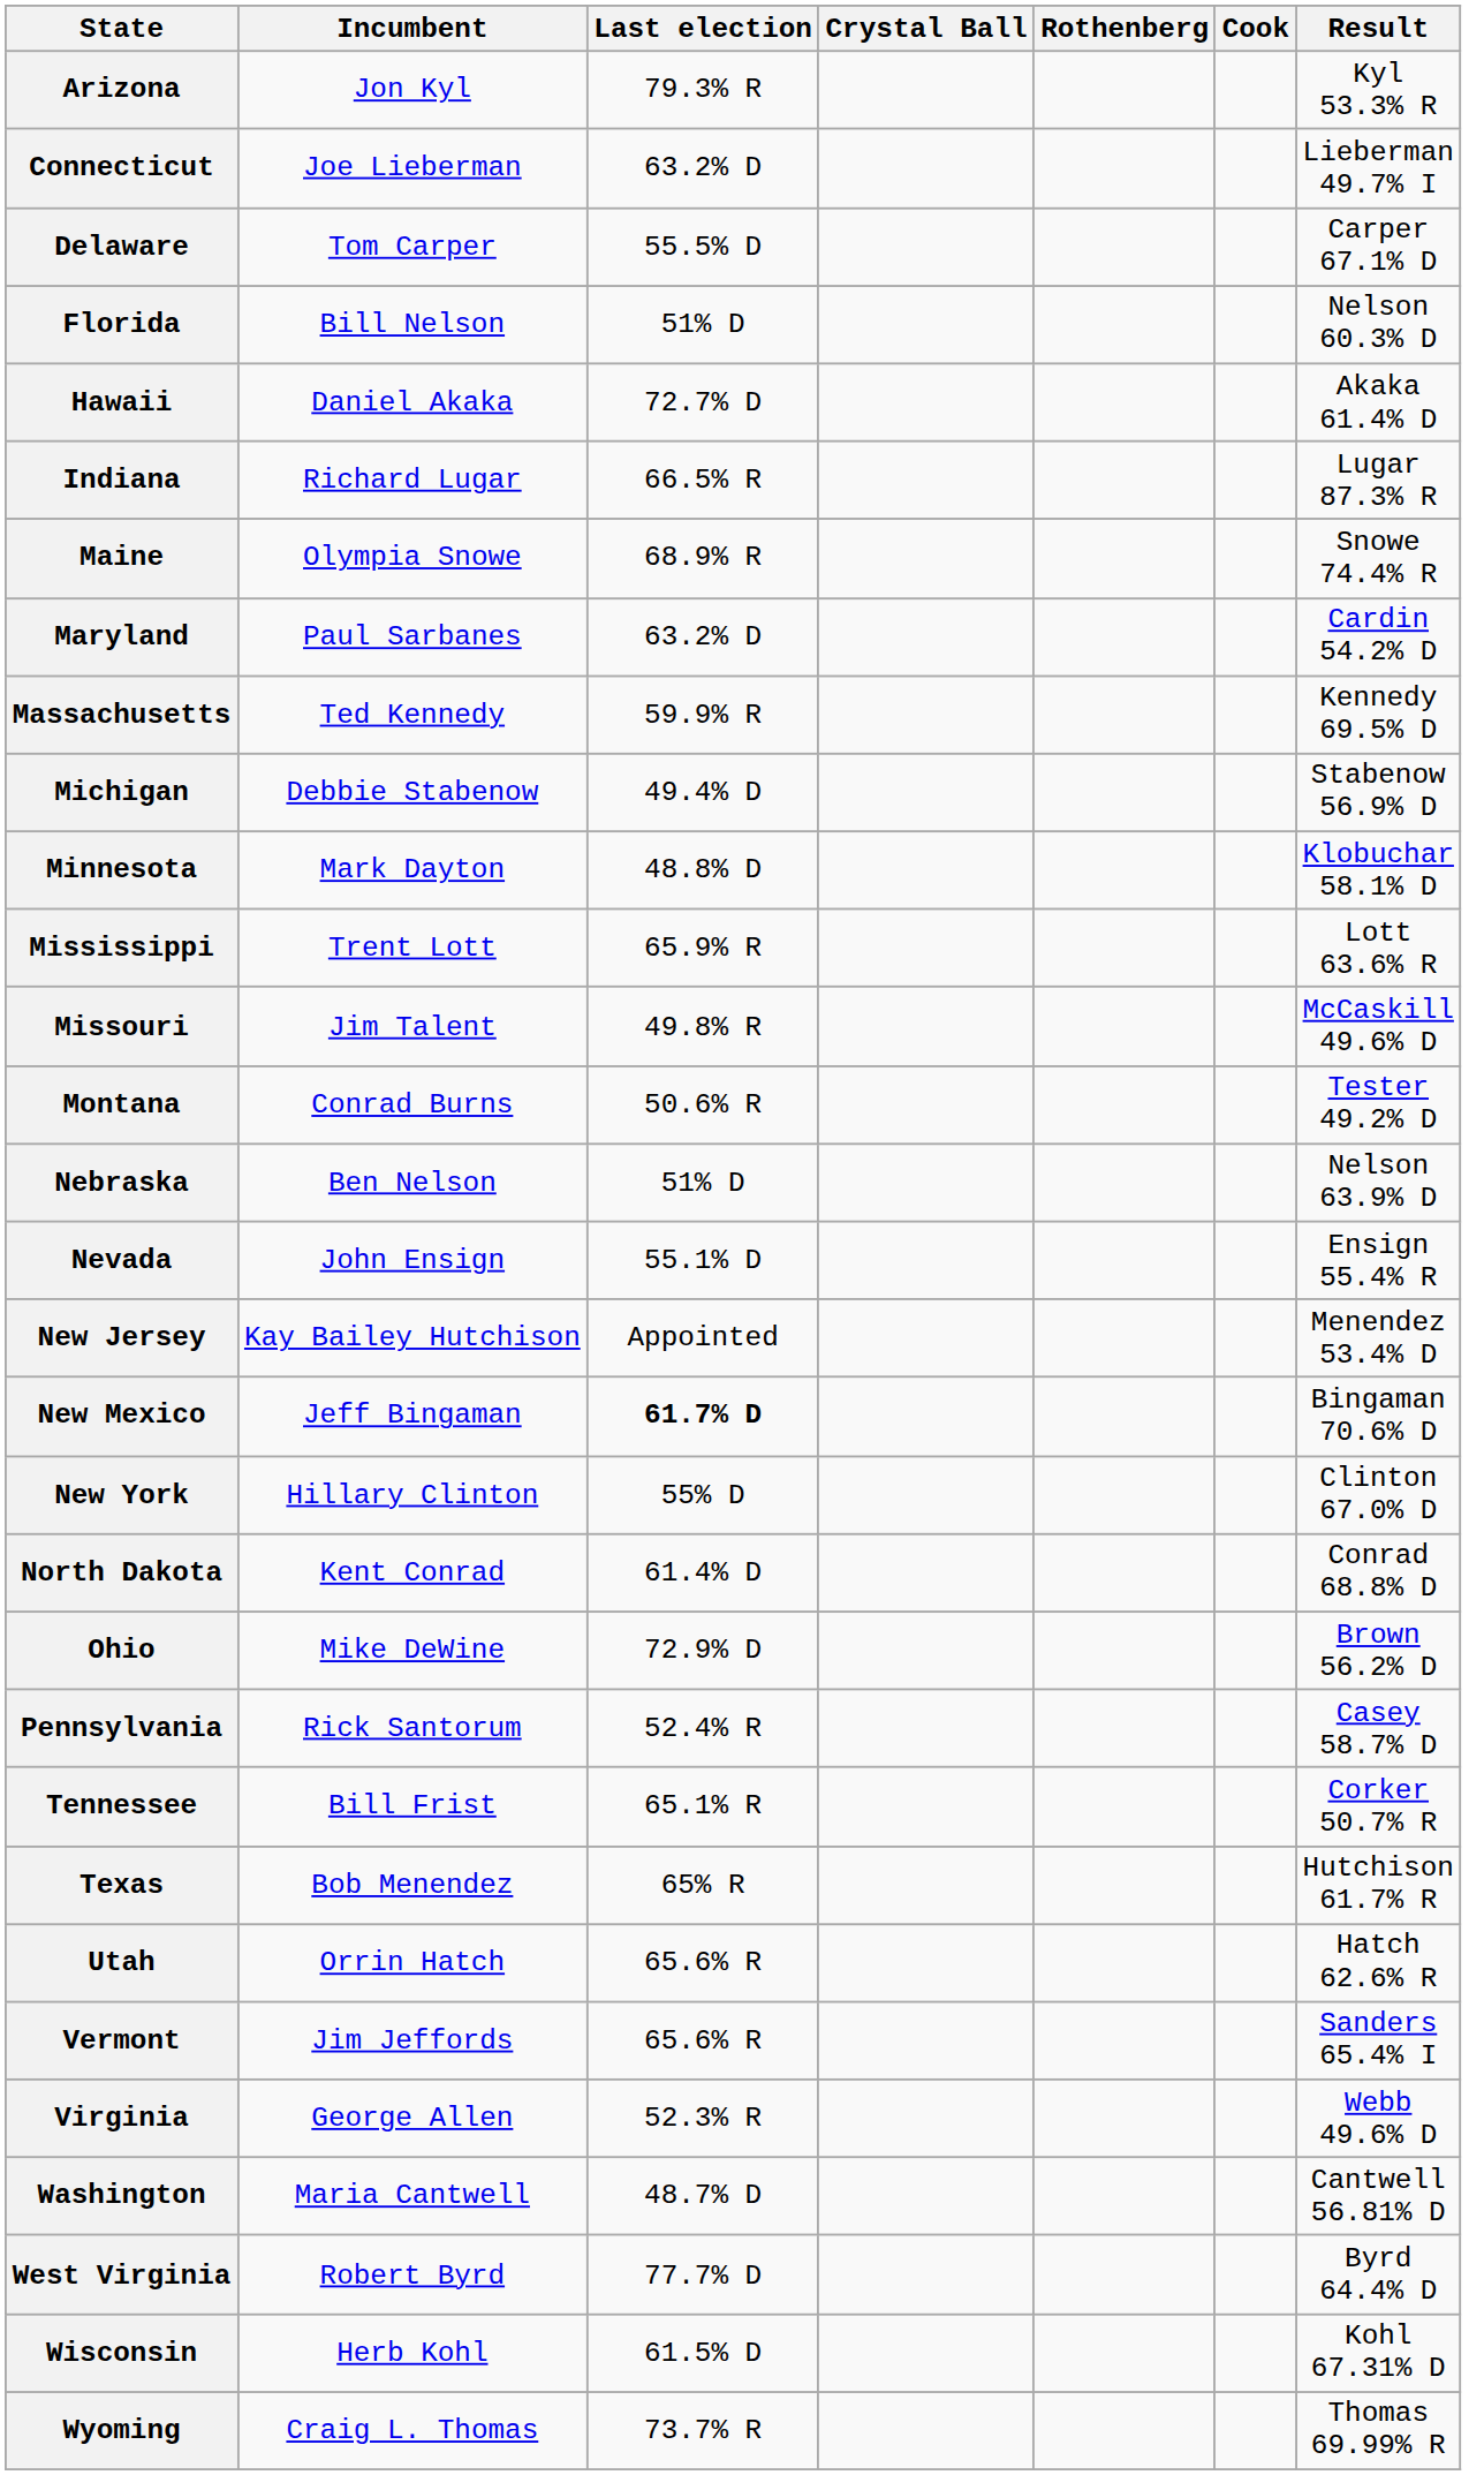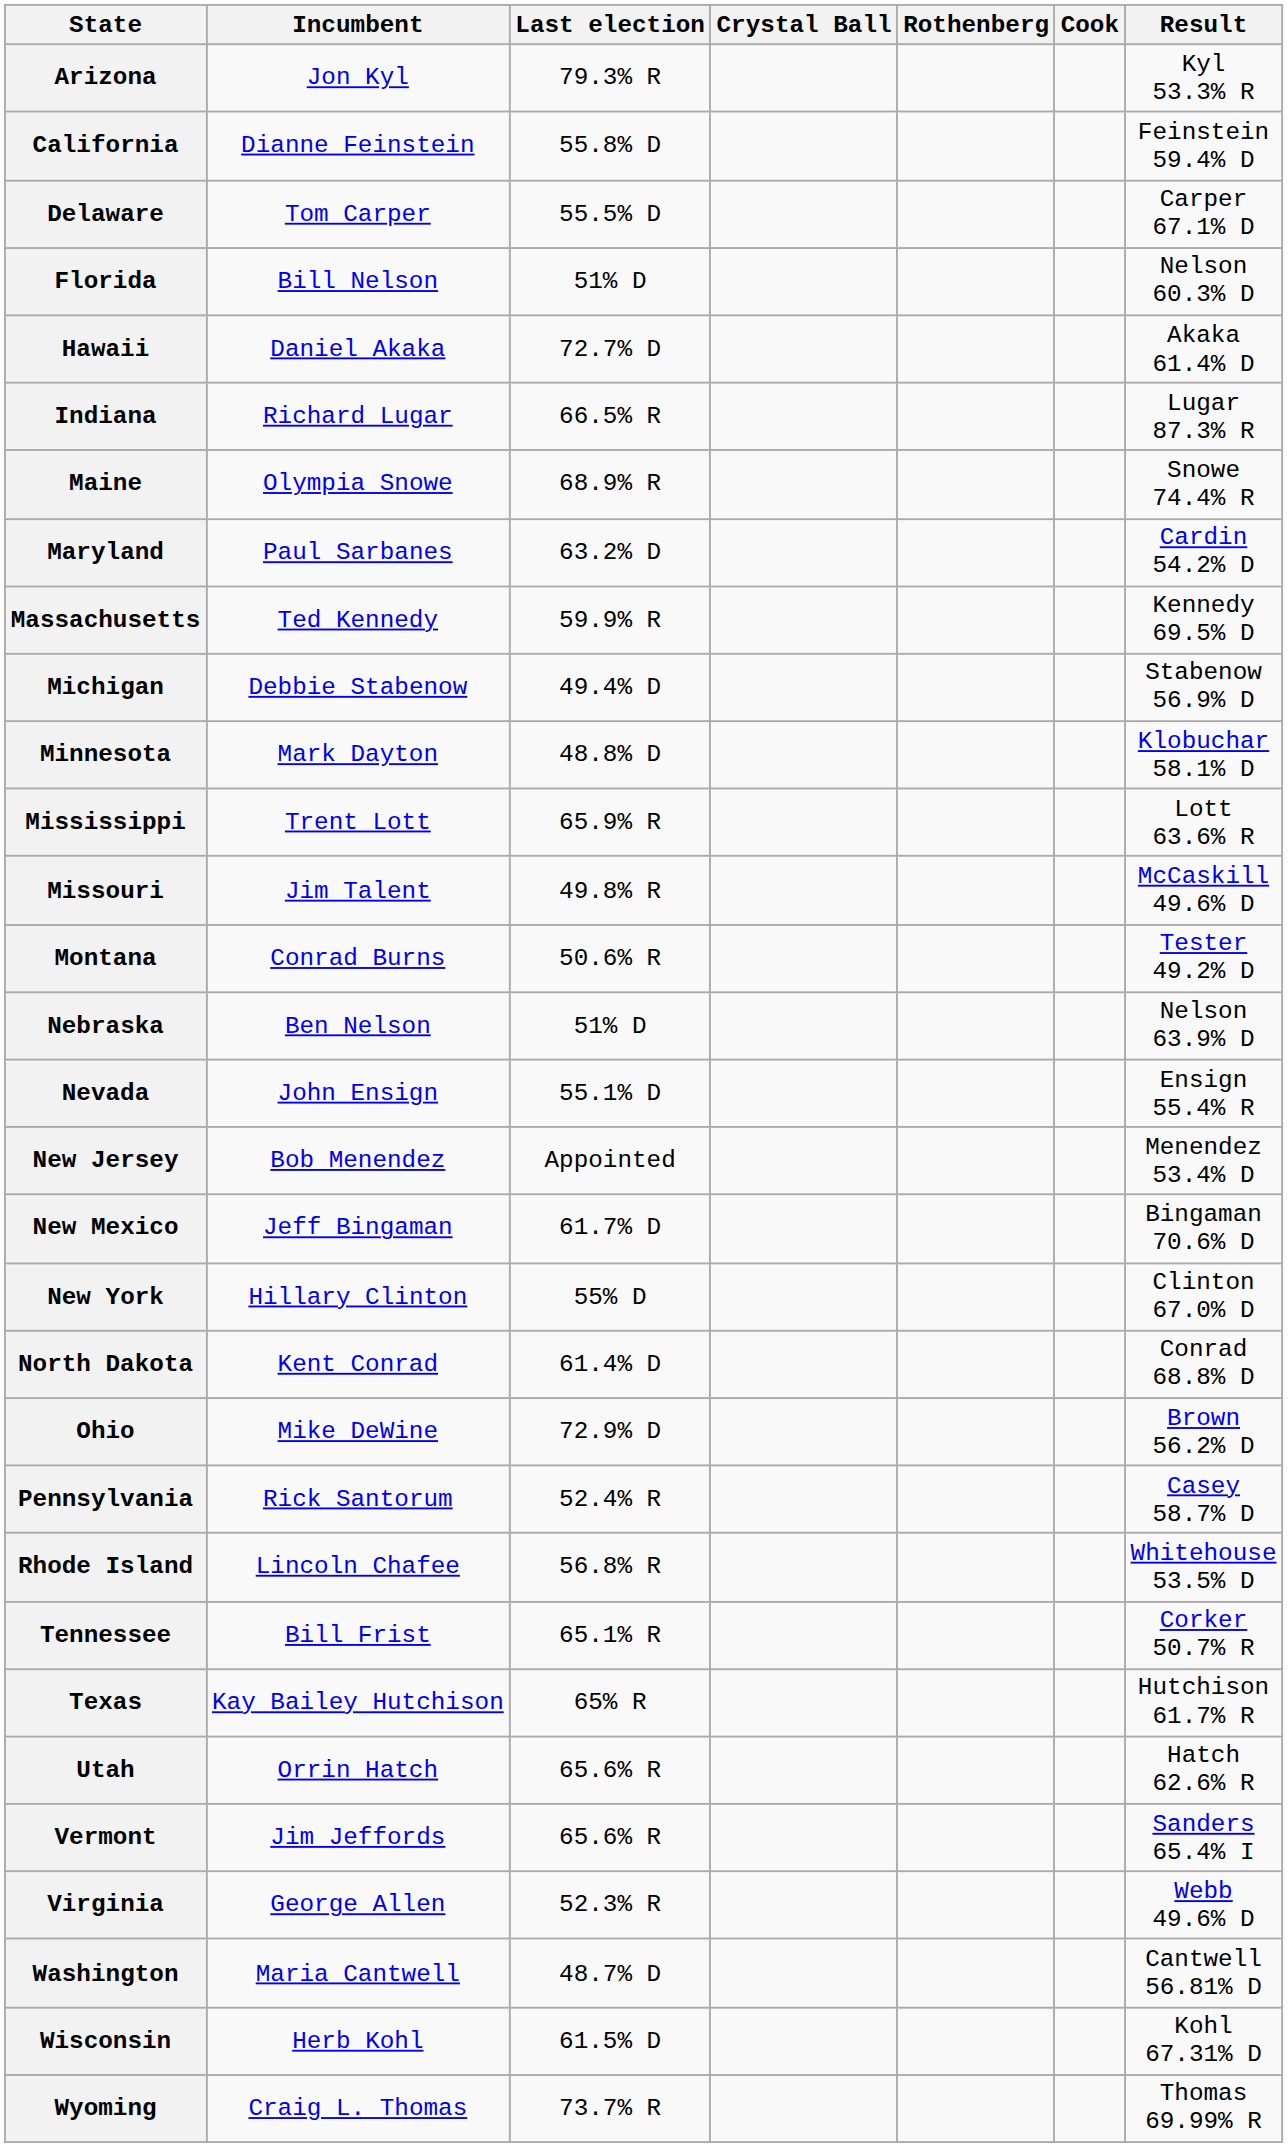 <table class="wikitable sortable" style="text-align:center;">
 <tr>
 <th>State</th>
 <th>Incumbent</th>
 <th>Last election</th>
 <th>Crystal Ball</th>
 <th>Rothenberg</th>
 <th>Cook</th>
 <th>Result</th>
 </tr>
 <tr>
 <th>Arizona</th>
 <td><a href='#'>Jon Kyl</a></td>
 <td>79.3% R</td>
 <td></td>
 <td></td>
 <td></td>
 <td>Kyl<br>53.3% R</td>
 </tr>
 <tr>
-<th>Connecticut</th>
-<td><a href='#'>Joe Lieberman</a><br></td>
-<td>63.2% D</td>
-<td style="background:"></td>
-<td style="background:"></td>
-<td style="background:"></td>
-<td>Lieberman<br>49.7% I </td>
+<th>California</th>
+<td><a href='#'>Dianne Feinstein</a></td>
+<td>55.8% D</td>
+<td></td>
+<td></td>
+<td></td>
+<td>Feinstein<br>59.4% D</td>
 </tr>
 <tr>
 <th>Delaware</th>
 <td><a href='#'>Tom Carper</a></td>
 <td>55.5% D</td>
 <td></td>
 <td></td>
 <td></td>
 <td>Carper<br>67.1% D</td>
 </tr>
 <tr>
 <th>Florida</th>
 <td><a href='#'>Bill Nelson</a></td>
 <td>51% D</td>
 <td></td>
 <td></td>
 <td></td>
 <td>Nelson<br>60.3% D</td>
 </tr>
 <tr>
 <th>Hawaii</th>
 <td><a href='#'>Daniel Akaka</a></td>
 <td>72.7% D</td>
 <td></td>
 <td></td>
 <td></td>
 <td>Akaka<br>61.4% D</td>
 </tr>
 <tr>
 <th>Indiana</th>
 <td><a href='#'>Richard Lugar</a></td>
 <td>66.5% R</td>
 <td></td>
 <td></td>
 <td></td>
 <td>Lugar<br>87.3% R</td>
 </tr>
 <tr>
 <th>Maine</th>
 <td><a href='#'>Olympia Snowe</a></td>
 <td>68.9% R</td>
 <td></td>
 <td></td>
 <td></td>
 <td>Snowe<br>74.4% R</td>
 </tr>
 <tr>
 <th>Maryland</th>
 <td><a href='#'>Paul Sarbanes</a><br></td>
 <td>63.2% D</td>
 <td></td>
 <td></td>
 <td></td>
 <td><a href='#'>Cardin</a><br>54.2% D</td>
 </tr>
 <tr>
 <th>Massachusetts</th>
 <td><a href='#'>Ted Kennedy</a></td>
 <td>59.9% R</td>
 <td></td>
 <td></td>
 <td></td>
 <td>Kennedy<br>69.5% D</td>
 </tr>
 <tr>
 <th>Michigan</th>
 <td><a href='#'>Debbie Stabenow</a></td>
 <td>49.4% D</td>
 <td></td>
 <td></td>
 <td></td>
 <td>Stabenow<br>56.9% D</td>
 </tr>
 <tr>
 <th>Minnesota</th>
 <td><a href='#'>Mark Dayton</a><br></td>
 <td>48.8% D</td>
 <td></td>
 <td></td>
 <td></td>
 <td><a href='#'>Klobuchar</a><br>58.1% D</td>
 </tr>
 <tr>
 <th>Mississippi</th>
 <td><a href='#'>Trent Lott</a></td>
 <td>65.9% R</td>
 <td></td>
 <td></td>
 <td></td>
 <td>Lott<br>63.6% R</td>
 </tr>
 <tr>
 <th>Missouri</th>
 <td><a href='#'>Jim Talent</a></td>
 <td>49.8% R<br></td>
 <td></td>
 <td></td>
 <td></td>
 <td><a href='#'>McCaskill</a><br>49.6% D </td>
 </tr>
 <tr>
 <th>Montana</th>
 <td><a href='#'>Conrad Burns</a></td>
 <td>50.6% R</td>
 <td></td>
 <td></td>
 <td></td>
 <td><a href='#'>Tester</a><br>49.2% D </td>
 </tr>
 <tr>
 <th>Nebraska</th>
 <td><a href='#'>Ben Nelson</a></td>
 <td>51% D</td>
 <td></td>
 <td></td>
 <td></td>
 <td>Nelson<br>63.9% D</td>
 </tr>
 <tr>
 <th>Nevada</th>
 <td><a href='#'>John Ensign</a></td>
 <td>55.1% D</td>
 <td></td>
 <td></td>
 <td></td>
 <td>Ensign<br>55.4% R</td>
 </tr>
 <tr>
 <th>New Jersey</th>
-<td><a href='#'>Kay Bailey Hutchison</a></td>
+<td><a href='#'>Bob Menendez</a></td>
 <td>Appointed<br></td>
 <td></td>
 <td></td>
 <td></td>
 <td>Menendez<br>53.4% D</td>
 </tr>
 <tr>
 <th>New Mexico</th>
 <td><a href='#'>Jeff Bingaman</a></td>
-<td><strong>61.7% D</strong></td>
+<td>61.7% D</td>
 <td></td>
 <td></td>
 <td></td>
 <td>Bingaman<br>70.6% D</td>
 </tr>
 <tr>
 <th>New York</th>
 <td><a href='#'>Hillary Clinton</a></td>
 <td>55% D</td>
 <td></td>
 <td></td>
 <td></td>
 <td>Clinton<br>67.0% D</td>
 </tr>
 <tr>
 <th>North Dakota</th>
 <td><a href='#'>Kent Conrad</a></td>
 <td>61.4% D</td>
 <td></td>
 <td></td>
 <td></td>
 <td>Conrad<br>68.8% D</td>
 </tr>
 <tr>
 <th>Ohio</th>
 <td><a href='#'>Mike DeWine</a></td>
 <td>72.9% D</td>
 <td></td>
 <td></td>
 <td></td>
 <td><a href='#'>Brown</a><br>56.2% D </td>
 </tr>
 <tr>
 <th>Pennsylvania</th>
 <td><a href='#'>Rick Santorum</a></td>
 <td>52.4% R</td>
 <td></td>
 <td></td>
 <td></td>
 <td><a href='#'>Casey</a><br>58.7% D </td>
 </tr>
 <tr>
+<th>Rhode Island</th>
+<td><a href='#'>Lincoln Chafee</a></td>
+<td>56.8% R</td>
+<td></td>
+<td></td>
+<td></td>
+<td><a href='#'>Whitehouse</a><br>53.5% D </td>
+</tr>
+<tr>
 <th>Tennessee</th>
 <td><a href='#'>Bill Frist</a><br></td>
 <td>65.1% R</td>
 <td></td>
 <td></td>
 <td></td>
 <td><a href='#'>Corker</a><br>50.7% R</td>
 </tr>
 <tr>
 <th>Texas</th>
-<td><a href='#'>Bob Menendez</a></td>
+<td><a href='#'>Kay Bailey Hutchison</a></td>
 <td>65% R</td>
 <td></td>
 <td></td>
 <td></td>
 <td>Hutchison<br>61.7% R</td>
 </tr>
 <tr>
 <th>Utah</th>
 <td><a href='#'>Orrin Hatch</a></td>
 <td>65.6% R</td>
 <td></td>
 <td></td>
 <td></td>
 <td>Hatch<br>62.6% R</td>
 </tr>
 <tr>
 <th>Vermont</th>
 <td><a href='#'>Jim Jeffords</a><br></td>
 <td>65.6% R</td>
 <td style="background:"></td>
 <td style="background:"></td>
 <td style="background:"></td>
 <td><a href='#'>Sanders</a><br>65.4% I</td>
 </tr>
 <tr>
 <th>Virginia</th>
 <td><a href='#'>George Allen</a></td>
 <td>52.3% R</td>
 <td></td>
 <td></td>
 <td></td>
 <td><a href='#'>Webb</a><br>49.6% D </td>
 </tr>
 <tr>
 <th>Washington</th>
 <td><a href='#'>Maria Cantwell</a></td>
 <td>48.7% D</td>
 <td></td>
 <td></td>
 <td></td>
 <td>Cantwell<br>56.81% D</td>
 </tr>
 <tr>
-<th>West Virginia</th>
-<td><a href='#'>Robert Byrd</a></td>
-<td>77.7% D</td>
-<td></td>
-<td></td>
-<td></td>
-<td>Byrd<br>64.4% D</td>
-</tr>
-<tr>
 <th>Wisconsin</th>
 <td><a href='#'>Herb Kohl</a></td>
 <td>61.5% D</td>
 <td></td>
 <td></td>
 <td></td>
 <td>Kohl<br>67.31% D</td>
 </tr>
 <tr>
 <th>Wyoming</th>
 <td><a href='#'>Craig L. Thomas</a></td>
 <td>73.7% R</td>
 <td></td>
 <td></td>
 <td></td>
 <td>Thomas<br>69.99% R</td>
 </tr>
 <tr>
 </tr>
 </table>
